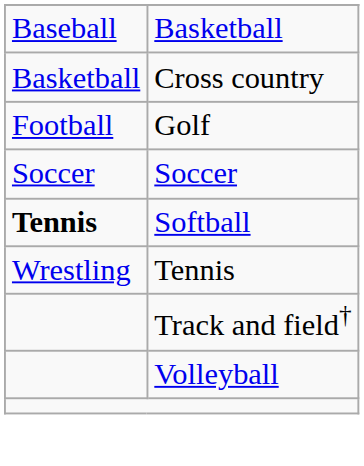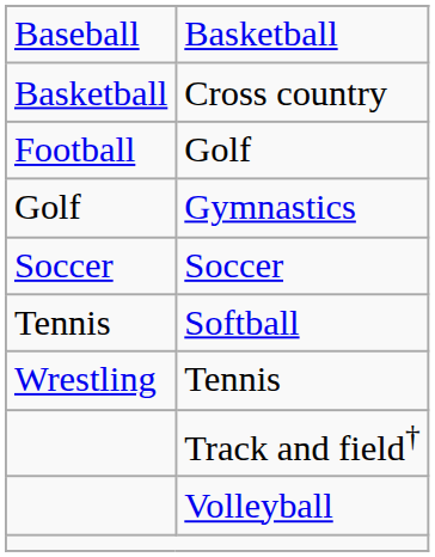 <table class="wikitable" style=" ">
 <tr>
 </tr>
 <tr>
 <td><a href='#'>Baseball</a></td>
 <td><a href='#'>Basketball</a></td>
 </tr>
 <tr>
 <td><a href='#'>Basketball</a></td>
 <td>Cross country</td>
 </tr>
 <tr>
 <td><a href='#'>Football</a></td>
 <td>Golf</td>
 </tr>
 <tr>
+<td>Golf</td>
+<td><a href='#'>Gymnastics</a></td>
+</tr>
+<tr>
 <td><a href='#'>Soccer</a></td>
 <td><a href='#'>Soccer</a></td>
 </tr>
 <tr>
-<td><strong>Tennis</strong></td>
+<td>Tennis</td>
 <td><a href='#'>Softball</a></td>
 </tr>
 <tr>
 <td><a href='#'>Wrestling</a></td>
 <td>Tennis</td>
 </tr>
 <tr>
 <td></td>
 <td>Track and field<sup>†</sup></td>
 </tr>
 <tr>
 <td></td>
 <td><a href='#'>Volleyball</a></td>
 </tr>
 <tr>
 <td colspan="2"></td>
 </tr>
 </table>
